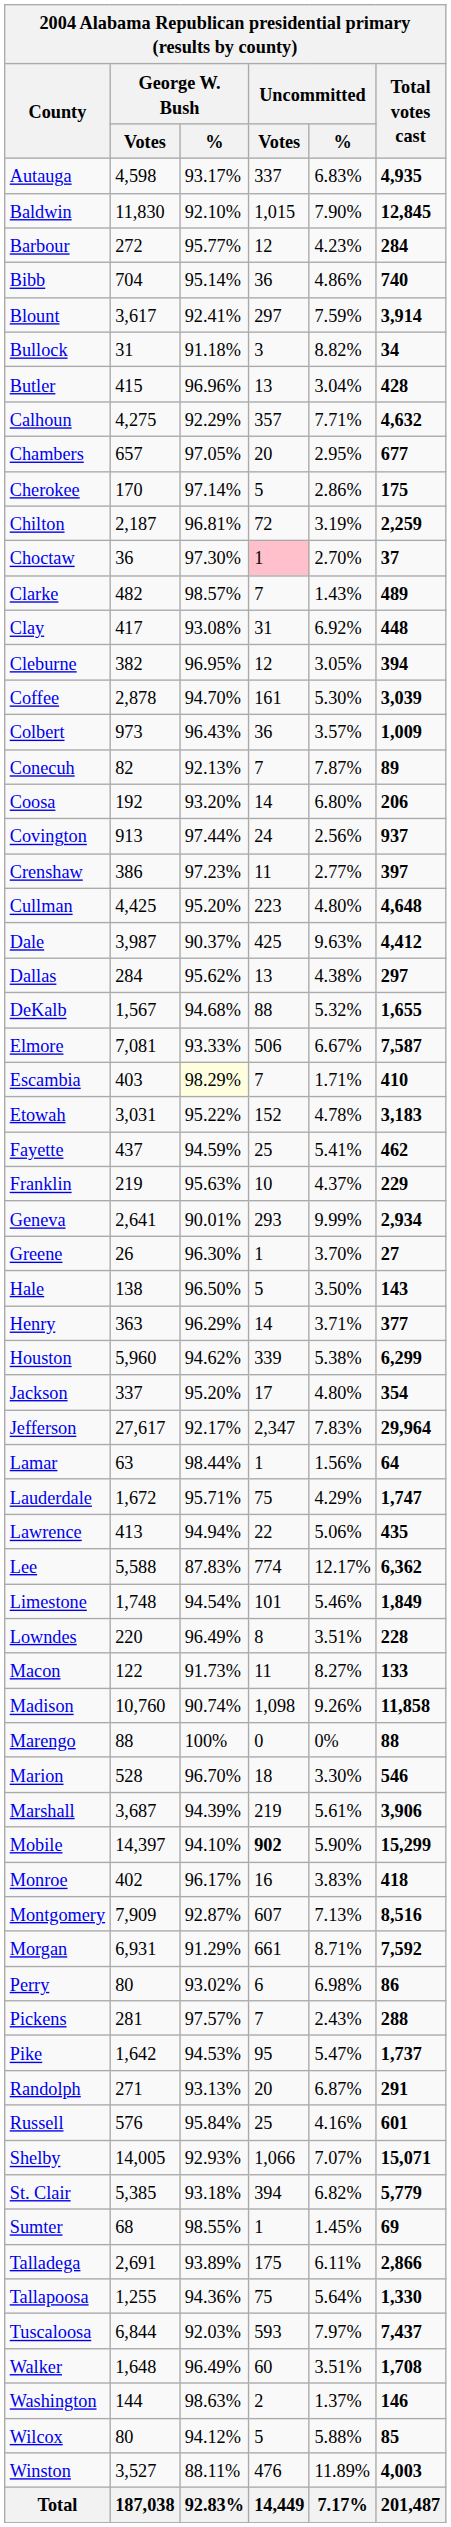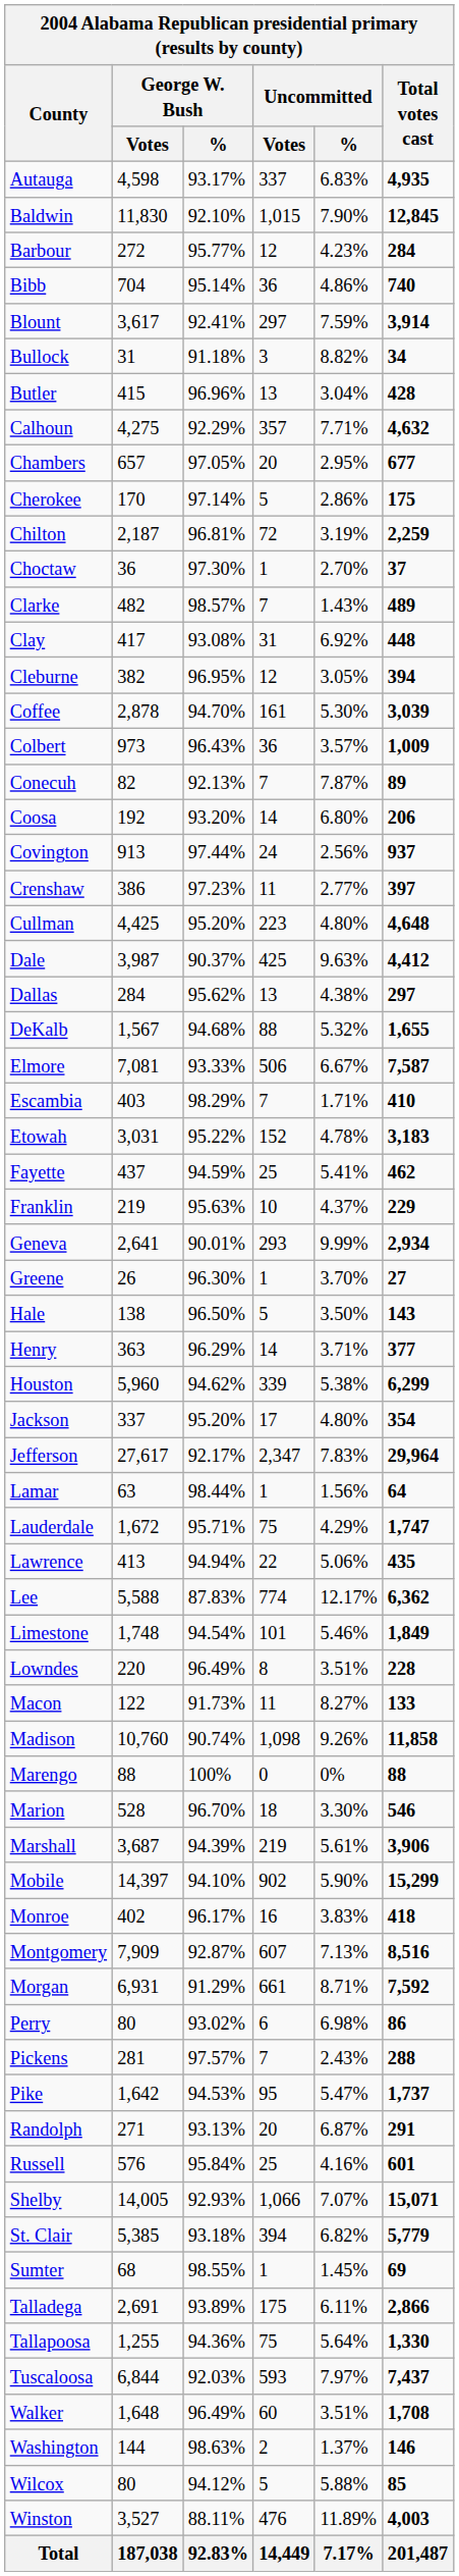 <table class="wikitable sortable mw-collapsible mw-collapsed">
 <tr>
 <th colspan="6"><small>2004 Alabama Republican presidential primary<br>(results by county)</small></th>
 </tr>
 <tr>
 <th rowspan="2"><small>County</small></th>
 <th colspan="2"><small>George W.<br>Bush</small></th>
 <th colspan="2"><small>Uncommitted</small></th>
 <th rowspan="2"><small>Total<br>votes<br>cast</small></th>
 </tr>
 <tr>
 <th><small>Votes</small></th>
 <th><small>%</small></th>
 <th><small>Votes</small></th>
 <th><small>%</small></th>
 </tr>
 <tr>
 <td><small><a href='#'>Autauga</a></small></td>
 <td><small>4,598</small></td>
 <td><small>93.17%</small></td>
 <td><small>337</small></td>
 <td><small>6.83%</small></td>
 <td><small><strong>4,935</strong></small></td>
 </tr>
 <tr>
 <td><small><a href='#'>Baldwin</a></small></td>
 <td><small>11,830</small></td>
 <td><small>92.10%</small></td>
 <td><small>1,015</small></td>
 <td><small>7.90%</small></td>
 <td><small><strong>12,845</strong></small></td>
 </tr>
 <tr>
 <td><small><a href='#'>Barbour</a></small></td>
 <td><small>272</small></td>
 <td><small>95.77%</small></td>
 <td><small>12</small></td>
 <td><small>4.23%</small></td>
 <td><small><strong>284</strong></small></td>
 </tr>
 <tr>
 <td><small><a href='#'>Bibb</a></small></td>
 <td><small>704</small></td>
 <td><small>95.14%</small></td>
 <td><small>36</small></td>
 <td><small>4.86%</small></td>
 <td><small><strong>740</strong></small></td>
 </tr>
 <tr>
 <td><small><a href='#'>Blount</a></small></td>
 <td><small>3,617</small></td>
 <td><small>92.41%</small></td>
 <td><small>297</small></td>
 <td><small>7.59%</small></td>
 <td><small><strong>3,914</strong></small></td>
 </tr>
 <tr>
 <td><small><a href='#'>Bullock</a></small></td>
 <td><small>31</small></td>
 <td><small>91.18%</small></td>
 <td><small>3</small></td>
 <td><small>8.82%</small></td>
 <td><small><strong>34</strong></small></td>
 </tr>
 <tr>
 <td><small><a href='#'>Butler</a></small></td>
 <td><small>415</small></td>
 <td><small>96.96%</small></td>
 <td><small>13</small></td>
 <td><small>3.04%</small></td>
 <td><small><strong>428</strong></small></td>
 </tr>
 <tr>
 <td><small><a href='#'>Calhoun</a></small></td>
 <td><small>4,275</small></td>
 <td><small>92.29%</small></td>
 <td><small>357</small></td>
 <td><small>7.71%</small></td>
 <td><small><strong>4,632</strong></small></td>
 </tr>
 <tr>
 <td><small><a href='#'>Chambers</a></small></td>
 <td><small>657</small></td>
 <td><small>97.05%</small></td>
 <td><small>20</small></td>
 <td><small>2.95%</small></td>
 <td><small><strong>677</strong></small></td>
 </tr>
 <tr>
 <td><small><a href='#'>Cherokee</a></small></td>
 <td><small>170</small></td>
 <td><small>97.14%</small></td>
 <td><small>5</small></td>
 <td><small>2.86%</small></td>
 <td><small><strong>175</strong></small></td>
 </tr>
 <tr>
 <td><small><a href='#'>Chilton</a></small></td>
 <td><small>2,187</small></td>
 <td><small>96.81%</small></td>
 <td><small>72</small></td>
 <td><small>3.19%</small></td>
 <td><small><strong>2,259</strong></small></td>
 </tr>
 <tr>
 <td><small><a href='#'>Choctaw</a></small></td>
 <td><small>36</small></td>
 <td><small>97.30%</small></td>
-<td style="background: pink;"><small>1</small></td>
+<td><small>1</small></td>
 <td><small>2.70%</small></td>
 <td><small><strong>37</strong></small></td>
 </tr>
 <tr>
 <td><small><a href='#'>Clarke</a></small></td>
 <td><small>482</small></td>
 <td><small>98.57%</small></td>
 <td><small>7</small></td>
 <td><small>1.43%</small></td>
 <td><small><strong>489</strong></small></td>
 </tr>
 <tr>
 <td><small><a href='#'>Clay</a></small></td>
 <td><small>417</small></td>
 <td><small>93.08%</small></td>
 <td><small>31</small></td>
 <td><small>6.92%</small></td>
 <td><small><strong>448</strong></small></td>
 </tr>
 <tr>
 <td><small><a href='#'>Cleburne</a></small></td>
 <td><small>382</small></td>
 <td><small>96.95%</small></td>
 <td><small>12</small></td>
 <td><small>3.05%</small></td>
 <td><small><strong>394</strong></small></td>
 </tr>
 <tr>
 <td><small><a href='#'>Coffee</a></small></td>
 <td><small>2,878</small></td>
 <td><small>94.70%</small></td>
 <td><small>161</small></td>
 <td><small>5.30%</small></td>
 <td><small><strong>3,039</strong></small></td>
 </tr>
 <tr>
 <td><small><a href='#'>Colbert</a></small></td>
 <td><small>973</small></td>
 <td><small>96.43%</small></td>
 <td><small>36</small></td>
 <td><small>3.57%</small></td>
 <td><small><strong>1,009</strong></small></td>
 </tr>
 <tr>
 <td><small><a href='#'>Conecuh</a></small></td>
 <td><small>82</small></td>
 <td><small>92.13%</small></td>
 <td><small>7</small></td>
 <td><small>7.87%</small></td>
 <td><small><strong>89</strong></small></td>
 </tr>
 <tr>
 <td><small><a href='#'>Coosa</a></small></td>
 <td><small>192</small></td>
 <td><small>93.20%</small></td>
 <td><small>14</small></td>
 <td><small>6.80%</small></td>
 <td><small><strong>206</strong></small></td>
 </tr>
 <tr>
 <td><small><a href='#'>Covington</a></small></td>
 <td><small>913</small></td>
 <td><small>97.44%</small></td>
 <td><small>24</small></td>
 <td><small>2.56%</small></td>
 <td><small><strong>937</strong></small></td>
 </tr>
 <tr>
 <td><small><a href='#'>Crenshaw</a></small></td>
 <td><small>386</small></td>
 <td><small>97.23%</small></td>
 <td><small>11</small></td>
 <td><small>2.77%</small></td>
 <td><small><strong>397</strong></small></td>
 </tr>
 <tr>
 <td><small><a href='#'>Cullman</a></small></td>
 <td><small>4,425</small></td>
 <td><small>95.20%</small></td>
 <td><small>223</small></td>
 <td><small>4.80%</small></td>
 <td><small><strong>4,648</strong></small></td>
 </tr>
 <tr>
 <td><small><a href='#'>Dale</a></small></td>
 <td><small>3,987</small></td>
 <td><small>90.37%</small></td>
 <td><small>425</small></td>
 <td><small>9.63%</small></td>
 <td><small><strong>4,412</strong></small></td>
 </tr>
 <tr>
 <td><small><a href='#'>Dallas</a></small></td>
 <td><small>284</small></td>
 <td><small>95.62%</small></td>
 <td><small>13</small></td>
 <td><small>4.38%</small></td>
 <td><small><strong>297</strong></small></td>
 </tr>
 <tr>
 <td><small><a href='#'>DeKalb</a></small></td>
 <td><small>1,567</small></td>
 <td><small>94.68%</small></td>
 <td><small>88</small></td>
 <td><small>5.32%</small></td>
 <td><small><strong>1,655</strong></small></td>
 </tr>
 <tr>
 <td><small><a href='#'>Elmore</a></small></td>
 <td><small>7,081</small></td>
 <td><small>93.33%</small></td>
 <td><small>506</small></td>
 <td><small>6.67%</small></td>
 <td><small><strong>7,587</strong></small></td>
 </tr>
 <tr>
 <td><small><a href='#'>Escambia</a></small></td>
 <td><small>403</small></td>
-<td style="background: lightyellow;"><small>98.29%</small></td>
+<td><small>98.29%</small></td>
 <td><small>7</small></td>
 <td><small>1.71%</small></td>
 <td><small><strong>410</strong></small></td>
 </tr>
 <tr>
 <td><small><a href='#'>Etowah</a></small></td>
 <td><small>3,031</small></td>
 <td><small>95.22%</small></td>
 <td><small>152</small></td>
 <td><small>4.78%</small></td>
 <td><small><strong>3,183</strong></small></td>
 </tr>
 <tr>
 <td><small><a href='#'>Fayette</a></small></td>
 <td><small>437</small></td>
 <td><small>94.59%</small></td>
 <td><small>25</small></td>
 <td><small>5.41%</small></td>
 <td><small><strong>462</strong></small></td>
 </tr>
 <tr>
 <td><small><a href='#'>Franklin</a></small></td>
 <td><small>219</small></td>
 <td><small>95.63%</small></td>
 <td><small>10</small></td>
 <td><small>4.37%</small></td>
 <td><small><strong>229</strong></small></td>
 </tr>
 <tr>
 <td><small><a href='#'>Geneva</a></small></td>
 <td><small>2,641</small></td>
 <td><small>90.01%</small></td>
 <td><small>293</small></td>
 <td><small>9.99%</small></td>
 <td><small><strong>2,934</strong></small></td>
 </tr>
 <tr>
 <td><small><a href='#'>Greene</a></small></td>
 <td><small>26</small></td>
 <td><small>96.30%</small></td>
 <td><small>1</small></td>
 <td><small>3.70%</small></td>
 <td><small><strong>27</strong></small></td>
 </tr>
 <tr>
 <td><small><a href='#'>Hale</a></small></td>
 <td><small>138</small></td>
 <td><small>96.50%</small></td>
 <td><small>5</small></td>
 <td><small>3.50%</small></td>
 <td><small><strong>143</strong></small></td>
 </tr>
 <tr>
 <td><small><a href='#'>Henry</a></small></td>
 <td><small>363</small></td>
 <td><small>96.29%</small></td>
 <td><small>14</small></td>
 <td><small>3.71%</small></td>
 <td><small><strong>377</strong></small></td>
 </tr>
 <tr>
 <td><small><a href='#'>Houston</a></small></td>
 <td><small>5,960</small></td>
 <td><small>94.62%</small></td>
 <td><small>339</small></td>
 <td><small>5.38%</small></td>
 <td><small><strong>6,299</strong></small></td>
 </tr>
 <tr>
 <td><small><a href='#'>Jackson</a></small></td>
 <td><small>337</small></td>
 <td><small>95.20%</small></td>
 <td><small>17</small></td>
 <td><small>4.80%</small></td>
 <td><small><strong>354</strong></small></td>
 </tr>
 <tr>
 <td><small><a href='#'>Jefferson</a></small></td>
 <td><small>27,617</small></td>
 <td><small>92.17%</small></td>
 <td><small>2,347</small></td>
 <td><small>7.83%</small></td>
 <td><small><strong>29,964</strong></small></td>
 </tr>
 <tr>
 <td><small><a href='#'>Lamar</a></small></td>
 <td><small>63</small></td>
 <td><small>98.44%</small></td>
 <td><small>1</small></td>
 <td><small>1.56%</small></td>
 <td><small><strong>64</strong></small></td>
 </tr>
 <tr>
 <td><small><a href='#'>Lauderdale</a></small></td>
 <td><small>1,672</small></td>
 <td><small>95.71%</small></td>
 <td><small>75</small></td>
 <td><small>4.29%</small></td>
 <td><small><strong>1,747</strong></small></td>
 </tr>
 <tr>
 <td><small><a href='#'>Lawrence</a></small></td>
 <td><small>413</small></td>
 <td><small>94.94%</small></td>
 <td><small>22</small></td>
 <td><small>5.06%</small></td>
 <td><small><strong>435</strong></small></td>
 </tr>
 <tr>
 <td><small><a href='#'>Lee</a></small></td>
 <td><small>5,588</small></td>
 <td><small>87.83%</small></td>
 <td><small>774</small></td>
 <td><small>12.17%</small></td>
 <td><small><strong>6,362</strong></small></td>
 </tr>
 <tr>
 <td><small><a href='#'>Limestone</a></small></td>
 <td><small>1,748</small></td>
 <td><small>94.54%</small></td>
 <td><small>101</small></td>
 <td><small>5.46%</small></td>
 <td><small><strong>1,849</strong></small></td>
 </tr>
 <tr>
 <td><small><a href='#'>Lowndes</a></small></td>
 <td><small>220</small></td>
 <td><small>96.49%</small></td>
 <td><small>8</small></td>
 <td><small>3.51%</small></td>
 <td><small><strong>228</strong></small></td>
 </tr>
 <tr>
 <td><small><a href='#'>Macon</a></small></td>
 <td><small>122</small></td>
 <td><small>91.73%</small></td>
 <td><small>11</small></td>
 <td><small>8.27%</small></td>
 <td><small><strong>133</strong></small></td>
 </tr>
 <tr>
 <td><small><a href='#'>Madison</a></small></td>
 <td><small>10,760</small></td>
 <td><small>90.74%</small></td>
 <td><small>1,098</small></td>
 <td><small>9.26%</small></td>
 <td><small><strong>11,858</strong></small></td>
 </tr>
 <tr>
 <td><small><a href='#'>Marengo</a></small></td>
 <td><small>88</small></td>
 <td><small>100%</small></td>
 <td><small>0</small></td>
 <td><small>0%</small></td>
 <td><small><strong>88</strong></small></td>
 </tr>
 <tr>
 <td><small><a href='#'>Marion</a></small></td>
 <td><small>528</small></td>
 <td><small>96.70%</small></td>
 <td><small>18</small></td>
 <td><small>3.30%</small></td>
 <td><small><strong>546</strong></small></td>
 </tr>
 <tr>
 <td><small><a href='#'>Marshall</a></small></td>
 <td><small>3,687</small></td>
 <td><small>94.39%</small></td>
 <td><small>219</small></td>
 <td><small>5.61%</small></td>
 <td><small><strong>3,906</strong></small></td>
 </tr>
 <tr>
 <td><small><a href='#'>Mobile</a></small></td>
 <td><small>14,397</small></td>
 <td><small>94.10%</small></td>
-<td><strong><small>902</small></strong></td>
+<td><small>902</small></td>
 <td><small>5.90%</small></td>
 <td><small><strong>15,299</strong></small></td>
 </tr>
 <tr>
 <td><small><a href='#'>Monroe</a></small></td>
 <td><small>402</small></td>
 <td><small>96.17%</small></td>
 <td><small>16</small></td>
 <td><small>3.83%</small></td>
 <td><small><strong>418</strong></small></td>
 </tr>
 <tr>
 <td><small><a href='#'>Montgomery</a></small></td>
 <td><small>7,909</small></td>
 <td><small>92.87%</small></td>
 <td><small>607</small></td>
 <td><small>7.13%</small></td>
 <td><small><strong>8,516</strong></small></td>
 </tr>
 <tr>
 <td><small><a href='#'>Morgan</a></small></td>
 <td><small>6,931</small></td>
 <td><small>91.29%</small></td>
 <td><small>661</small></td>
 <td><small>8.71%</small></td>
 <td><small><strong>7,592</strong></small></td>
 </tr>
 <tr>
 <td><small><a href='#'>Perry</a></small></td>
 <td><small>80</small></td>
 <td><small>93.02%</small></td>
 <td><small>6</small></td>
 <td><small>6.98%</small></td>
 <td><small><strong>86</strong></small></td>
 </tr>
 <tr>
 <td><small><a href='#'>Pickens</a></small></td>
 <td><small>281</small></td>
 <td><small>97.57%</small></td>
 <td><small>7</small></td>
 <td><small>2.43%</small></td>
 <td><small><strong>288</strong></small></td>
 </tr>
 <tr>
 <td><small><a href='#'>Pike</a></small></td>
 <td><small>1,642</small></td>
 <td><small>94.53%</small></td>
 <td><small>95</small></td>
 <td><small>5.47%</small></td>
 <td><small><strong>1,737</strong></small></td>
 </tr>
 <tr>
 <td><small><a href='#'>Randolph</a></small></td>
 <td><small>271</small></td>
 <td><small>93.13%</small></td>
 <td><small>20</small></td>
 <td><small>6.87%</small></td>
 <td><small><strong>291</strong></small></td>
 </tr>
 <tr>
 <td><small><a href='#'>Russell</a></small></td>
 <td><small>576</small></td>
 <td><small>95.84%</small></td>
 <td><small>25</small></td>
 <td><small>4.16%</small></td>
 <td><small><strong>601</strong></small></td>
 </tr>
 <tr>
 <td><small><a href='#'>Shelby</a></small></td>
 <td><small>14,005</small></td>
 <td><small>92.93%</small></td>
 <td><small>1,066</small></td>
 <td><small>7.07%</small></td>
 <td><small><strong>15,071</strong></small></td>
 </tr>
 <tr>
 <td><small><a href='#'>St. Clair</a></small></td>
 <td><small>5,385</small></td>
 <td><small>93.18%</small></td>
 <td><small>394</small></td>
 <td><small>6.82%</small></td>
 <td><small><strong>5,779</strong></small></td>
 </tr>
 <tr>
 <td><small><a href='#'>Sumter</a></small></td>
 <td><small>68</small></td>
 <td><small>98.55%</small></td>
 <td><small>1</small></td>
 <td><small>1.45%</small></td>
 <td><small><strong>69</strong></small></td>
 </tr>
 <tr>
 <td><small><a href='#'>Talladega</a></small></td>
 <td><small>2,691</small></td>
 <td><small>93.89%</small></td>
 <td><small>175</small></td>
 <td><small>6.11%</small></td>
 <td><small><strong>2,866</strong></small></td>
 </tr>
 <tr>
 <td><small><a href='#'>Tallapoosa</a></small></td>
 <td><small>1,255</small></td>
 <td><small>94.36%</small></td>
 <td><small>75</small></td>
 <td><small>5.64%</small></td>
 <td><small><strong>1,330</strong></small></td>
 </tr>
 <tr>
 <td><small><a href='#'>Tuscaloosa</a></small></td>
 <td><small>6,844</small></td>
 <td><small>92.03%</small></td>
 <td><small>593</small></td>
 <td><small>7.97%</small></td>
 <td><small><strong>7,437</strong></small></td>
 </tr>
 <tr>
 <td><small><a href='#'>Walker</a></small></td>
 <td><small>1,648</small></td>
 <td><small>96.49%</small></td>
 <td><small>60</small></td>
 <td><small>3.51%</small></td>
 <td><small><strong>1,708</strong></small></td>
 </tr>
 <tr>
 <td><small><a href='#'>Washington</a></small></td>
 <td><small>144</small></td>
 <td><small>98.63%</small></td>
 <td><small>2</small></td>
 <td><small>1.37%</small></td>
 <td><small><strong>146</strong></small></td>
 </tr>
 <tr>
 <td><small><a href='#'>Wilcox</a></small></td>
 <td><small>80</small></td>
 <td><small>94.12%</small></td>
 <td><small>5</small></td>
 <td><small>5.88%</small></td>
 <td><small><strong>85</strong></small></td>
 </tr>
 <tr>
 <td><small><a href='#'>Winston</a></small></td>
 <td><small>3,527</small></td>
 <td><small>88.11%</small></td>
 <td><small>476</small></td>
 <td><small>11.89%</small></td>
 <td><small><strong>4,003</strong></small></td>
 </tr>
 <tr>
 <th><strong><small>Total</small></strong></th>
 <th><strong><small>187,038</small></strong></th>
 <th><strong><small>92.83%</small></strong></th>
 <th><strong><small>14,449</small></strong></th>
 <th><strong><small>7.17%</small></strong></th>
 <th><strong><small>201,487</small></strong></th>
 </tr>
 </table>
